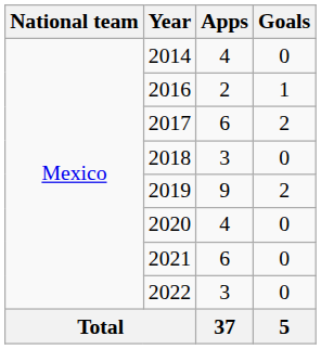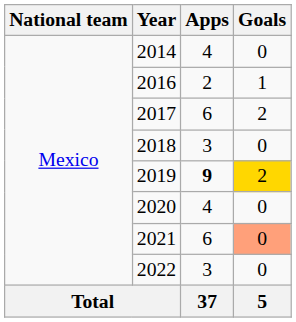 <table class="wikitable" style="text-align:center">
 <tr>
 <th>National team</th>
 <th>Year</th>
 <th>Apps</th>
 <th>Goals</th>
 </tr>
 <tr>
 <td rowspan="8"><a href='#'>Mexico</a></td>
 <td>2014</td>
 <td>4</td>
 <td>0</td>
 </tr>
 <tr>
 <td>2016</td>
 <td>2</td>
 <td>1</td>
 </tr>
 <tr>
 <td>2017</td>
 <td>6</td>
 <td>2</td>
 </tr>
 <tr>
 <td>2018</td>
 <td>3</td>
 <td>0</td>
 </tr>
 <tr>
 <td>2019</td>
-<td>9</td>
-<td>2</td>
+<td><strong>9</strong></td>
+<td style="background: gold;">2</td>
 </tr>
 <tr>
 <td>2020</td>
 <td>4</td>
 <td>0</td>
 </tr>
 <tr>
 <td>2021</td>
 <td>6</td>
-<td>0</td>
+<td style="background: lightsalmon;">0</td>
 </tr>
 <tr>
 <td>2022</td>
 <td>3</td>
 <td>0</td>
 </tr>
 <tr>
 <th colspan="2">Total</th>
 <th>37</th>
 <th>5</th>
 </tr>
 </table>
